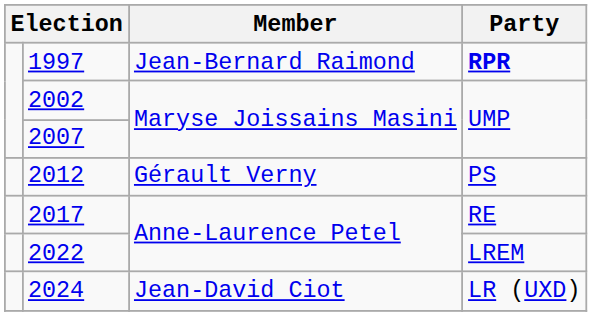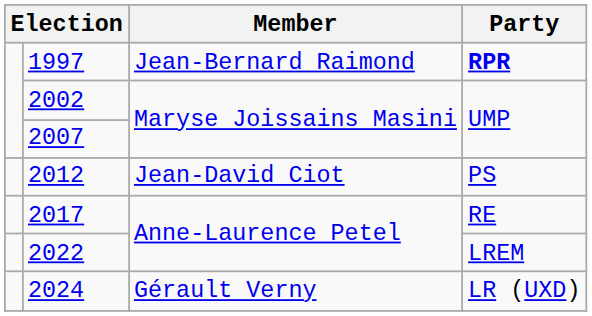 <table class="wikitable">
 <tr>
 <th colspan="2">Election</th>
 <th>Member</th>
 <th>Party</th>
 </tr>
 <tr>
 <td rowspan="3" style="color:inherit;background-color: "></td>
 <td><a href='#'>1997</a></td>
 <td><a href='#'>Jean-Bernard Raimond</a></td>
 <td><strong><a href='#'>RPR</a></strong></td>
 </tr>
 <tr>
 <td><a href='#'>2002</a></td>
 <td rowspan=2><a href='#'>Maryse Joissains Masini</a></td>
 <td rowspan=2><a href='#'>UMP</a></td>
 </tr>
 <tr>
 <td><a href='#'>2007</a></td>
 </tr>
 <tr>
 <td style="color:inherit;background-color: "></td>
 <td><a href='#'>2012</a></td>
-<td><a href='#'>Gérault Verny</a></td>
+<td><a href='#'>Jean-David Ciot</a></td>
 <td><a href='#'>PS</a></td>
 </tr>
 <tr>
 <td style="color:inherit;background-color: "></td>
 <td><a href='#'>2017</a></td>
 <td rowspan="2"><a href='#'>Anne-Laurence Petel</a></td>
 <td><a href='#'>RE</a></td>
 </tr>
 <tr>
 <td style="color:inherit;background-color: "></td>
 <td><a href='#'>2022</a></td>
 <td><a href='#'>LREM</a></td>
 </tr>
 <tr>
 <td style="color:inherit;background-color: "></td>
 <td><a href='#'>2024</a></td>
-<td><a href='#'>Jean-David Ciot</a></td>
+<td><a href='#'>Gérault Verny</a></td>
 <td><a href='#'>LR</a> (<a href='#'>UXD</a>)</td>
 </tr>
 </table>
